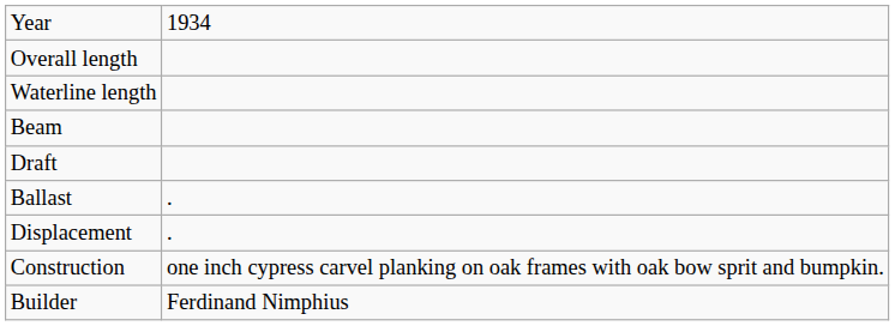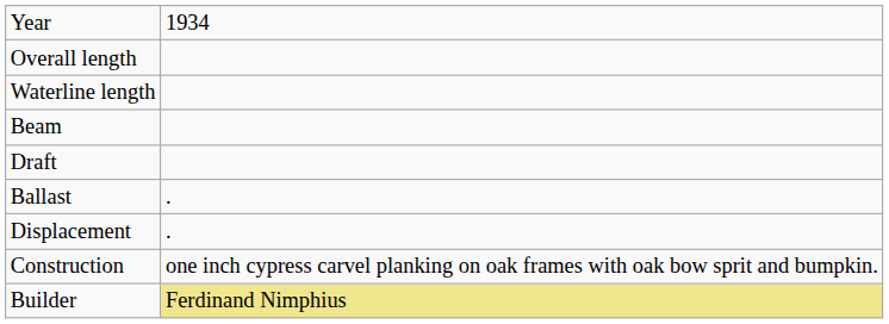 <table class=wikitable>
 <tr>
 <td>Year</td>
 <td>1934</td>
 </tr>
 <tr>
 <td>Overall length</td>
 <td></td>
 </tr>
 <tr>
 <td>Waterline length</td>
 <td></td>
 </tr>
 <tr>
 <td>Beam</td>
 <td></td>
 </tr>
 <tr>
 <td>Draft</td>
 <td></td>
 </tr>
 <tr>
 <td>Ballast</td>
 <td>.</td>
 </tr>
 <tr>
 <td>Displacement</td>
 <td>.</td>
 </tr>
 <tr>
 <td>Construction</td>
 <td>one inch cypress carvel planking on oak frames with oak bow sprit and bumpkin.</td>
 </tr>
 <tr>
 <td>Builder</td>
-<td>Ferdinand Nimphius</td>
+<td style="background: khaki;">Ferdinand Nimphius</td>
 </tr>
 </table>
